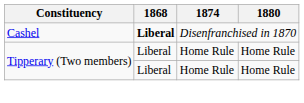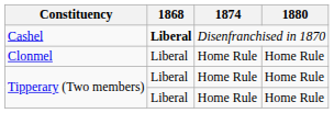 <table class="wikitable">
 <tr>
 <th>Constituency</th>
 <th>1868</th>
 <th>1874</th>
 <th>1880</th>
 </tr>
 <tr>
 <td><a href='#'>Cashel</a></td>
 <td><strong>Liberal</strong></td>
 <td colspan="2"><em>Disenfranchised in 1870</em></td>
 </tr>
 <tr>
+<td><a href='#'>Clonmel</a></td>
+<td>Liberal</td>
+<td>Home Rule</td>
+<td>Home Rule</td>
+</tr>
+<tr>
 <td rowspan="2"><a href='#'>Tipperary</a> (Two members)</td>
 <td>Liberal</td>
 <td>Home Rule</td>
 <td>Home Rule</td>
 </tr>
 <tr>
 <td>Liberal</td>
 <td>Home Rule</td>
 <td>Home Rule</td>
 </tr>
 </table>
